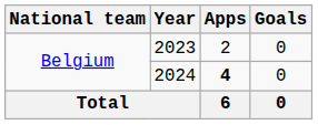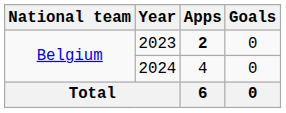 <table class=wikitable style=text-align:center>
 <tr>
 <th>National team</th>
 <th>Year</th>
 <th>Apps</th>
 <th>Goals</th>
 </tr>
 <tr>
 <td rowspan="2"><a href='#'>Belgium</a></td>
 <td>2023</td>
-<td>2</td>
+<td><strong>2</strong></td>
 <td>0</td>
 </tr>
 <tr>
 <td>2024</td>
-<td><strong>4</strong></td>
+<td>4</td>
 <td>0</td>
 </tr>
 <tr>
 <th colspan=2>Total</th>
 <th>6</th>
 <th>0</th>
 </tr>
 </table>
